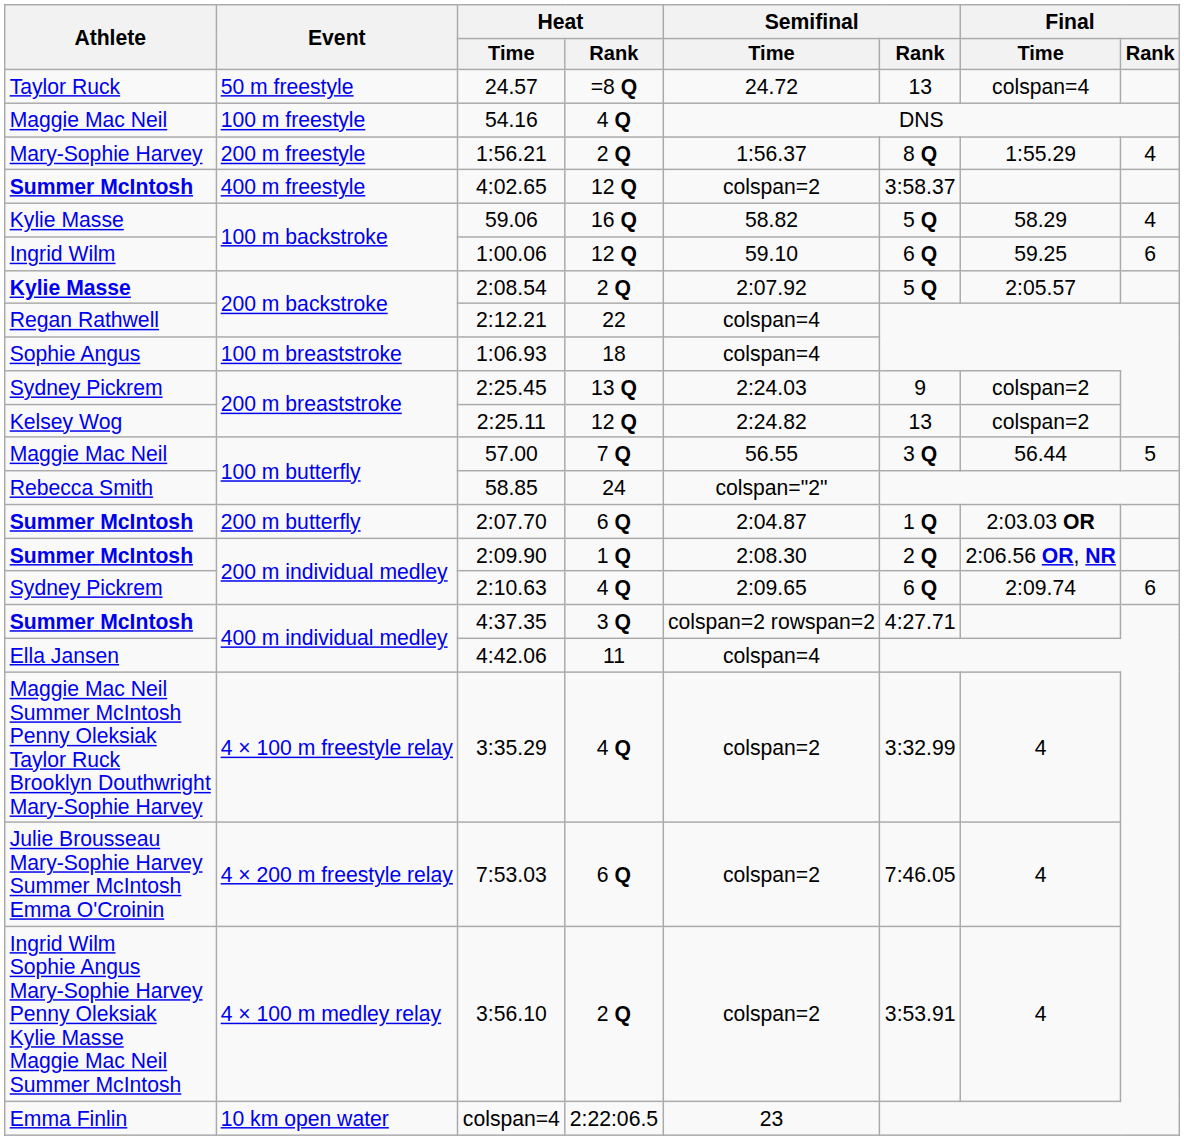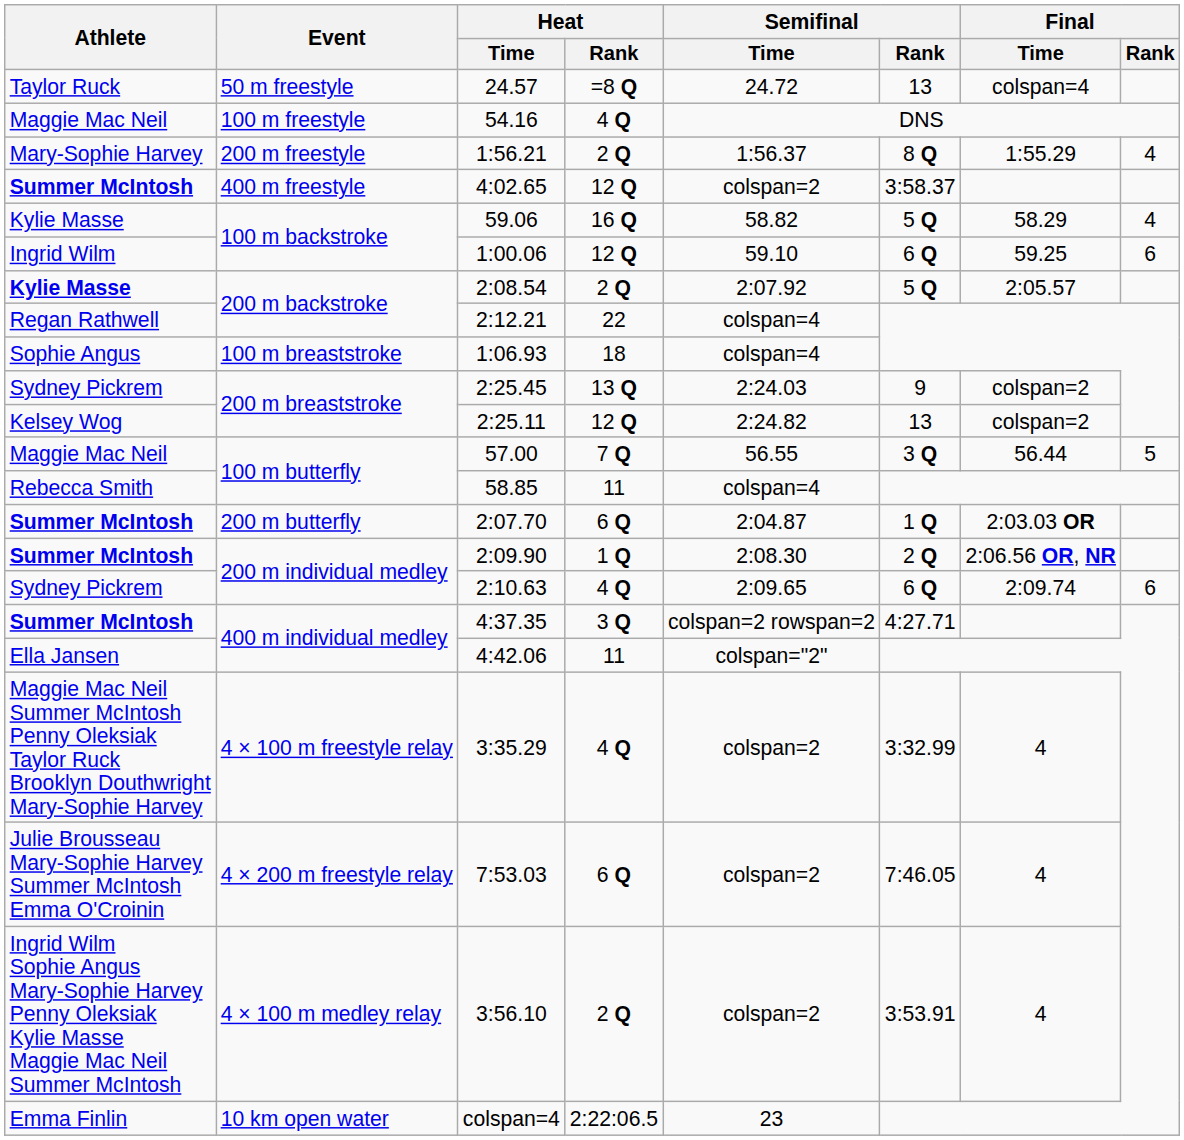 <table class=wikitable style=font-size:90%;text-align:center>
 <tr>
 <th rowspan=2>Athlete</th>
 <th rowspan=2>Event</th>
 <th colspan=2>Heat</th>
 <th colspan=2>Semifinal</th>
 <th colspan=2>Final</th>
 </tr>
 <tr style=font-size:95%>
 <th>Time</th>
 <th>Rank</th>
 <th>Time</th>
 <th>Rank</th>
 <th>Time</th>
 <th>Rank</th>
 </tr>
 <tr>
 <td align=left><a href='#'>Taylor Ruck</a></td>
 <td align=left><a href='#'>50 m freestyle</a></td>
 <td>24.57</td>
 <td>=8 <strong>Q</strong></td>
 <td>24.72</td>
 <td>13</td>
 <td>colspan=4 </td>
 </tr>
 <tr>
 <td align=left><a href='#'>Maggie Mac Neil</a></td>
 <td align=left><a href='#'>100 m freestyle</a></td>
 <td>54.16</td>
 <td>4 <strong>Q</strong></td>
 <td colspan=4>DNS</td>
 </tr>
 <tr>
 <td align=left><a href='#'>Mary-Sophie Harvey</a></td>
 <td align=left><a href='#'>200 m freestyle</a></td>
 <td>1:56.21</td>
 <td>2 <strong>Q</strong></td>
 <td>1:56.37</td>
 <td>8 <strong>Q</strong></td>
 <td>1:55.29</td>
 <td>4</td>
 </tr>
 <tr>
 <td align=left><strong><a href='#'>Summer McIntosh</a></strong></td>
 <td align=left><a href='#'>400 m freestyle</a></td>
 <td>4:02.65</td>
 <td>12 <strong>Q</strong></td>
 <td>colspan=2 </td>
 <td>3:58.37</td>
 <td></td>
 </tr>
 <tr align=center>
 <td align=left><a href='#'>Kylie Masse</a></td>
 <td align=left rowspan=2><a href='#'>100 m backstroke</a></td>
 <td>59.06</td>
 <td>16 <strong>Q</strong></td>
 <td>58.82</td>
 <td>5 <strong>Q</strong></td>
 <td>58.29</td>
 <td>4</td>
 </tr>
 <tr align=center>
 <td align=left><a href='#'>Ingrid Wilm</a></td>
 <td>1:00.06</td>
 <td>12 <strong>Q</strong></td>
 <td>59.10</td>
 <td>6 <strong>Q</strong></td>
 <td>59.25</td>
 <td>6</td>
 </tr>
 <tr align=center>
 <td align=left><strong><a href='#'>Kylie Masse</a></strong></td>
 <td align=left rowspan=2><a href='#'>200 m backstroke</a></td>
 <td>2:08.54</td>
 <td>2 <strong>Q</strong></td>
 <td>2:07.92</td>
 <td>5 <strong>Q</strong></td>
 <td>2:05.57</td>
 <td></td>
 </tr>
 <tr align=center>
 <td align=left><a href='#'>Regan Rathwell</a></td>
 <td>2:12.21</td>
 <td>22</td>
 <td>colspan=4 </td>
 </tr>
 <tr align=center>
 <td align=left><a href='#'>Sophie Angus</a></td>
 <td align=left><a href='#'>100 m breaststroke</a></td>
 <td>1:06.93</td>
 <td>18</td>
 <td>colspan=4 </td>
 </tr>
 <tr align=center>
 <td align=left><a href='#'>Sydney Pickrem</a></td>
 <td align=left rowspan=2><a href='#'>200 m breaststroke</a></td>
 <td>2:25.45</td>
 <td>13 <strong>Q</strong></td>
 <td>2:24.03</td>
 <td>9</td>
 <td>colspan=2 </td>
 </tr>
 <tr align=center>
 <td align=left><a href='#'>Kelsey Wog</a></td>
 <td>2:25.11</td>
 <td>12 <strong>Q</strong></td>
 <td>2:24.82</td>
 <td>13</td>
 <td>colspan=2 </td>
 </tr>
 <tr align=center>
 <td align=left><a href='#'>Maggie Mac Neil</a></td>
 <td align=left rowspan=2><a href='#'>100 m butterfly</a></td>
 <td>57.00</td>
 <td>7 <strong>Q</strong></td>
 <td>56.55</td>
 <td>3 <strong>Q</strong></td>
 <td>56.44</td>
 <td>5</td>
 </tr>
 <tr align=center>
 <td align=left><a href='#'>Rebecca Smith</a></td>
 <td>58.85</td>
-<td>24</td>
-<td>colspan="2" </td>
+<td>11</td>
+<td>colspan=4 </td>
 </tr>
 <tr align=center>
 <td align=left><strong><a href='#'>Summer McIntosh</a></strong></td>
 <td align=left><a href='#'>200 m butterfly</a></td>
 <td>2:07.70</td>
 <td>6 <strong>Q</strong></td>
 <td>2:04.87</td>
 <td>1 <strong>Q</strong></td>
 <td>2:03.03 <strong>OR</strong></td>
 <td></td>
 </tr>
 <tr>
 <td align=left><strong><a href='#'>Summer McIntosh</a></strong></td>
 <td align=left rowspan=2><a href='#'>200 m individual medley</a></td>
 <td>2:09.90</td>
 <td>1 <strong>Q</strong></td>
 <td>2:08.30</td>
 <td>2 <strong>Q</strong></td>
 <td>2:06.56 <strong><a href='#'>OR</a></strong>, <strong><a href='#'>NR</a></strong></td>
 <td></td>
 </tr>
 <tr>
 <td align=left><a href='#'>Sydney Pickrem</a></td>
 <td>2:10.63</td>
 <td>4 <strong>Q</strong></td>
 <td>2:09.65</td>
 <td>6 <strong>Q</strong></td>
 <td>2:09.74</td>
 <td>6</td>
 </tr>
 <tr>
 <td align=left><strong><a href='#'>Summer McIntosh</a></strong></td>
 <td align=left rowspan=2><a href='#'>400 m individual medley</a></td>
 <td>4:37.35</td>
 <td>3 <strong>Q</strong></td>
 <td>colspan=2 rowspan=2 </td>
 <td>4:27.71</td>
 <td></td>
 </tr>
 <tr>
 <td align=left><a href='#'>Ella Jansen</a></td>
 <td>4:42.06</td>
 <td>11</td>
-<td>colspan=4 </td>
+<td>colspan="2" </td>
 </tr>
 <tr>
 <td align=left><a href='#'>Maggie Mac Neil</a><br><a href='#'>Summer McIntosh</a><br><a href='#'>Penny Oleksiak</a><br><a href='#'>Taylor Ruck</a><br><a href='#'>Brooklyn Douthwright</a><br><a href='#'>Mary-Sophie Harvey</a></td>
 <td align=left><a href='#'>4 × 100 m freestyle relay</a></td>
 <td>3:35.29</td>
 <td>4 <strong>Q</strong></td>
 <td>colspan=2 </td>
 <td>3:32.99</td>
 <td>4</td>
 </tr>
 <tr>
 <td align=left><a href='#'>Julie Brousseau</a><br><a href='#'>Mary-Sophie Harvey</a><br><a href='#'>Summer McIntosh</a><br><a href='#'>Emma O'Croinin</a></td>
 <td align=left><a href='#'>4 × 200 m freestyle relay</a></td>
 <td>7:53.03</td>
 <td>6 <strong>Q</strong></td>
 <td>colspan=2 </td>
 <td>7:46.05</td>
 <td>4</td>
 </tr>
 <tr>
 <td align=left><a href='#'>Ingrid Wilm</a><br><a href='#'>Sophie Angus</a><br><a href='#'>Mary-Sophie Harvey</a><br><a href='#'>Penny Oleksiak</a><br><a href='#'>Kylie Masse</a><br><a href='#'>Maggie Mac Neil</a><br><a href='#'>Summer McIntosh</a></td>
 <td align=left><a href='#'>4 × 100 m medley relay</a></td>
 <td>3:56.10</td>
 <td>2 <strong>Q</strong></td>
 <td>colspan=2 </td>
 <td>3:53.91</td>
 <td>4</td>
 </tr>
 <tr>
 <td align=left><a href='#'>Emma Finlin</a></td>
 <td align=left><a href='#'>10 km open water</a></td>
 <td>colspan=4 </td>
 <td>2:22:06.5</td>
 <td>23</td>
 </tr>
 </table>
